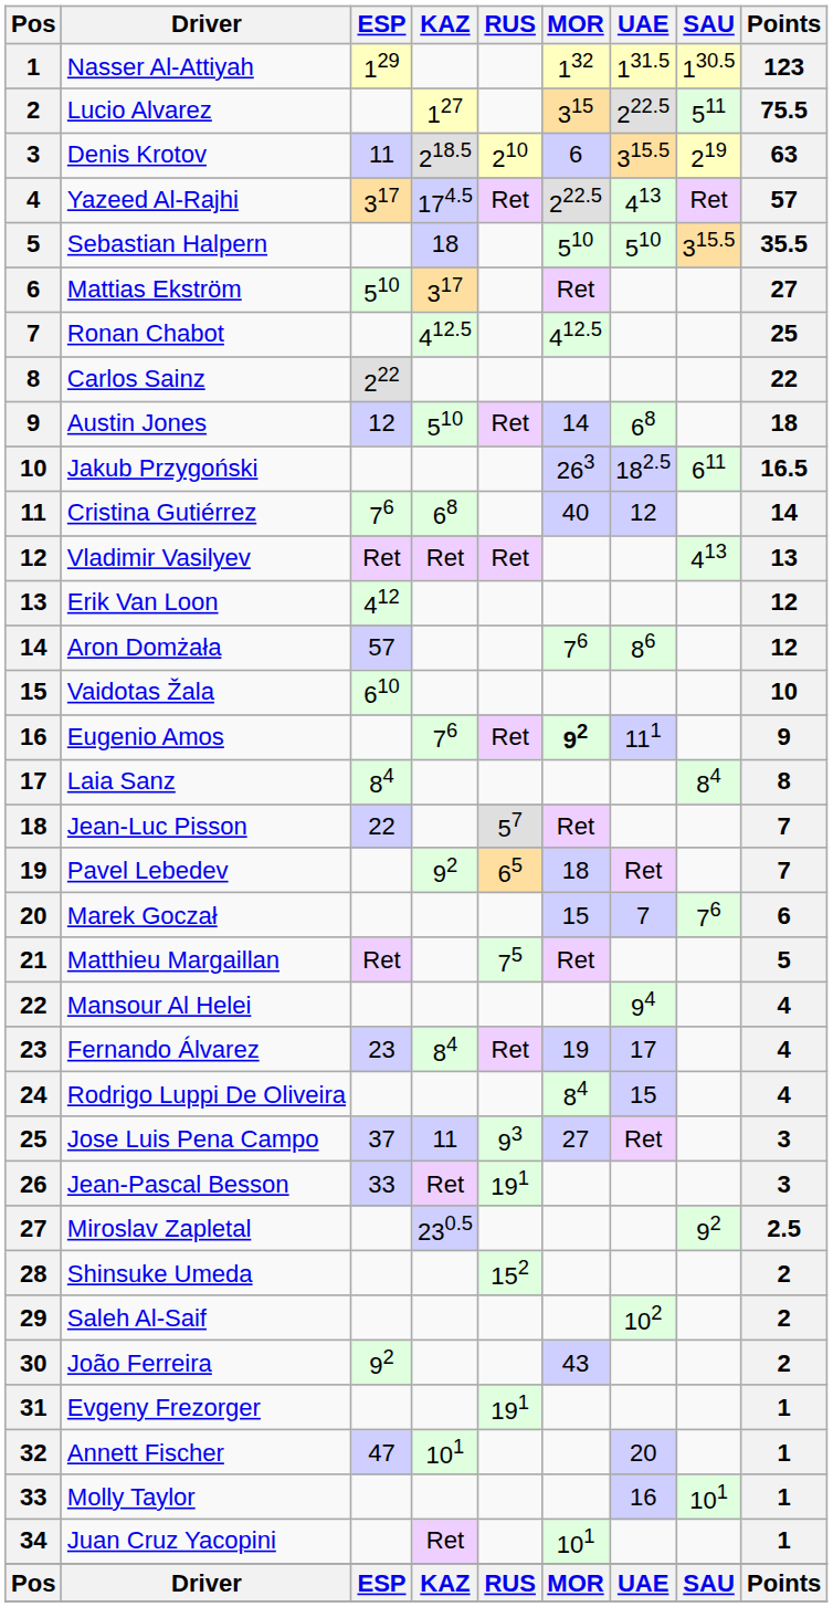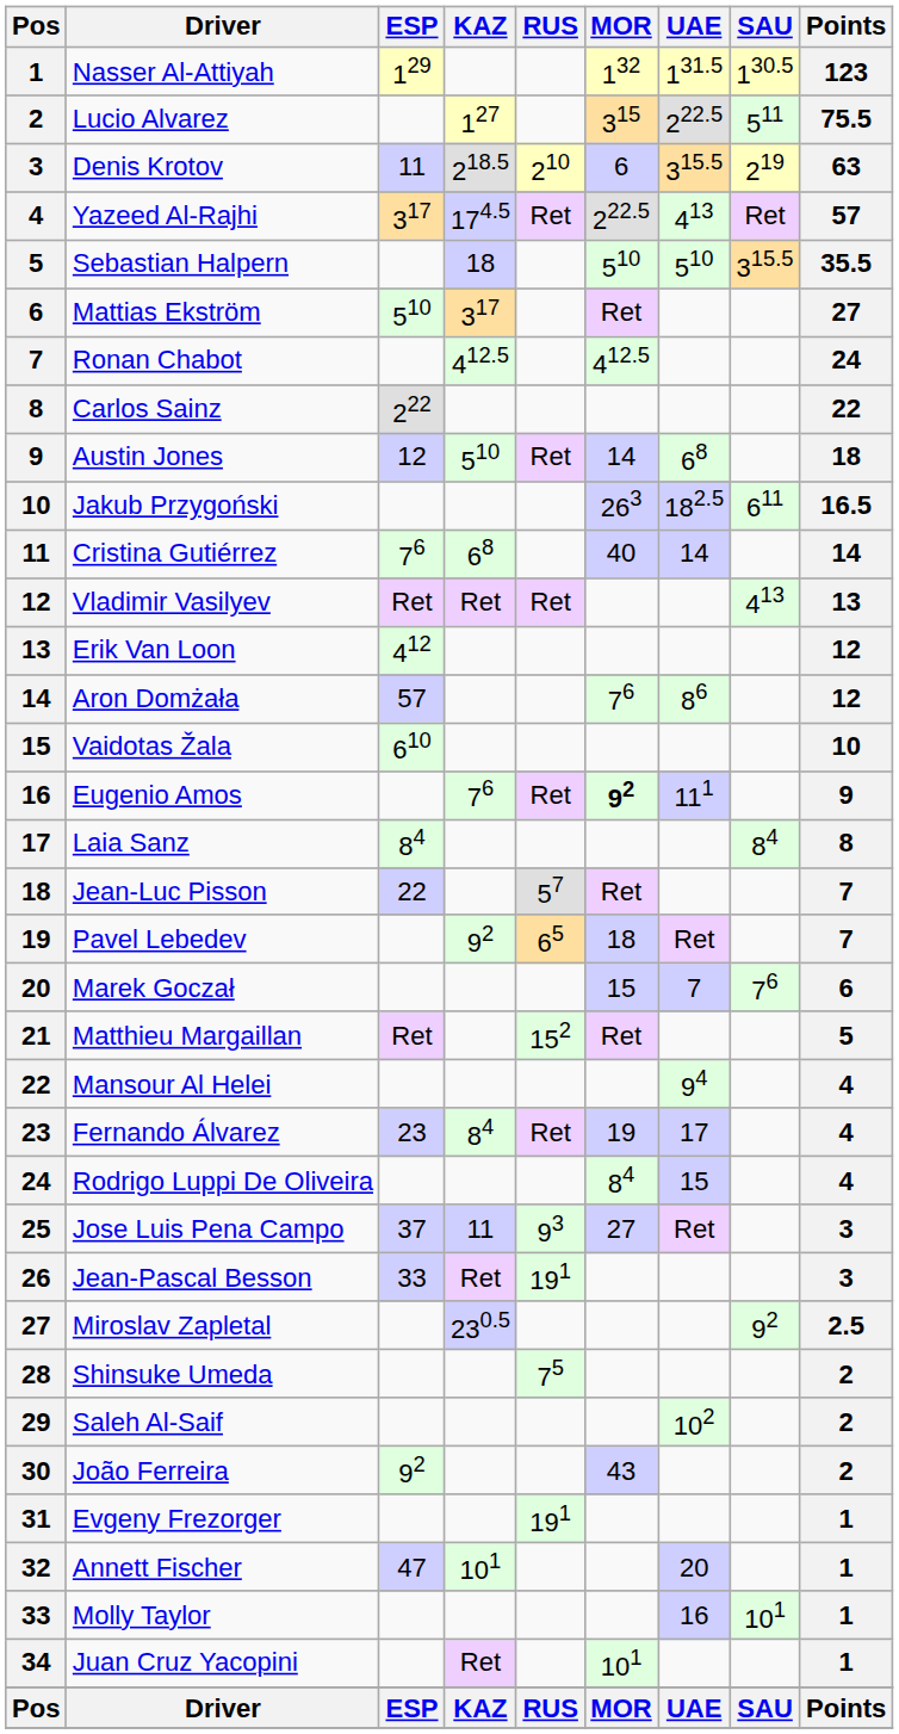 <table class="wikitable" style="font-size: 85%; text-align: center; display: inline-table;">
 <tr valign="top">
 <th valign="middle">Pos</th>
 <th valign="middle">Driver</th>
 <th><a href='#'>ESP</a><br></th>
 <th><a href='#'>KAZ</a><br></th>
 <th><a href='#'>RUS</a><br></th>
 <th><a href='#'>MOR</a><br></th>
 <th><a href='#'>UAE</a><br></th>
 <th><a href='#'>SAU</a><br></th>
 <th valign="middle">Points</th>
 </tr>
 <tr>
 <th>1</th>
 <td align=left> <a href='#'>Nasser Al-Attiyah</a></td>
 <td style="background:#ffffbf;">1<sup>29</sup></td>
 <td></td>
 <td></td>
 <td style="background:#ffffbf;">1<sup>32</sup></td>
 <td style="background:#ffffbf;">1<sup>31.5</sup></td>
 <td style="background:#ffffbf;">1<sup>30.5</sup></td>
 <th>123</th>
 </tr>
 <tr>
 <th>2</th>
 <td align=left> <a href='#'>Lucio Alvarez</a></td>
 <td></td>
 <td style="background:#ffffbf;">1<sup>27</sup></td>
 <td></td>
 <td style="background:#ffdf9f;">3<sup>15</sup></td>
 <td style="background:#dfdfdf;">2<sup>22.5</sup></td>
 <td style="background:#dfffdf;">5<sup>11</sup></td>
 <th>75.5</th>
 </tr>
 <tr>
 <th>3</th>
 <td align=left> <a href='#'>Denis Krotov</a></td>
 <td style="background:#cfcfff;">11</td>
 <td style="background:#dfdfdf;">2<sup>18.5</sup></td>
 <td style="background:#ffffbf;">2<sup>10</sup></td>
 <td style="background:#cfcfff;">6</td>
 <td style="background:#ffdf9f;">3<sup>15.5</sup></td>
 <td style="background:#ffffbf;">2<sup>19</sup></td>
 <th>63</th>
 </tr>
 <tr>
 <th>4</th>
 <td align=left> <a href='#'>Yazeed Al-Rajhi</a></td>
 <td style="background:#ffdf9f;">3<sup>17</sup></td>
 <td style="background:#cfcfff;">17<sup>4.5</sup></td>
 <td style="background:#efcfff;">Ret</td>
 <td style="background:#dfdfdf;">2<sup>22.5</sup></td>
 <td style="background:#dfffdf;">4<sup>13</sup></td>
 <td style="background:#efcfff;">Ret</td>
 <th>57</th>
 </tr>
 <tr>
 <th>5</th>
 <td align=left> <a href='#'>Sebastian Halpern</a></td>
 <td></td>
 <td style="background:#cfcfff;">18</td>
 <td></td>
 <td style="background:#dfffdf;">5<sup>10</sup></td>
 <td style="background:#dfffdf;">5<sup>10</sup></td>
 <td style="background:#ffdf9f;">3<sup>15.5</sup></td>
 <th>35.5</th>
 </tr>
 <tr>
 <th>6</th>
 <td align=left> <a href='#'>Mattias Ekström</a></td>
 <td style="background:#dfffdf;">5<sup>10</sup></td>
 <td style="background:#ffdf9f;">3<sup>17</sup></td>
 <td></td>
 <td style="background:#efcfff;">Ret</td>
 <td></td>
 <td></td>
 <th>27</th>
 </tr>
 <tr>
 <th>7</th>
 <td align=left> <a href='#'>Ronan Chabot</a></td>
 <td></td>
 <td style="background:#dfffdf;">4<sup>12.5</sup></td>
 <td></td>
 <td style="background:#dfffdf;">4<sup>12.5</sup></td>
 <td></td>
 <td></td>
-<th>25</th>
+<th>24</th>
 </tr>
 <tr>
 <th>8</th>
 <td align=left> <a href='#'>Carlos Sainz</a></td>
 <td style="background:#dfdfdf;">2<sup>22</sup></td>
 <td></td>
 <td></td>
 <td></td>
 <td></td>
 <td></td>
 <th>22</th>
 </tr>
 <tr>
 <th>9</th>
 <td align=left> <a href='#'>Austin Jones</a></td>
 <td style="background:#cfcfff;">12</td>
 <td style="background:#dfffdf;">5<sup>10</sup></td>
 <td style="background:#efcfff;">Ret</td>
 <td style="background:#cfcfff;">14</td>
 <td style="background:#dfffdf;">6<sup>8</sup></td>
 <td></td>
 <th>18</th>
 </tr>
 <tr>
 <th>10</th>
 <td align=left> <a href='#'>Jakub Przygoński</a></td>
 <td></td>
 <td></td>
 <td></td>
 <td style="background:#cfcfff;">26<sup>3</sup></td>
 <td style="background:#cfcfff;">18<sup>2.5</sup></td>
 <td style="background:#dfffdf;">6<sup>11</sup></td>
 <th>16.5</th>
 </tr>
 <tr>
 <th>11</th>
 <td align=left> <a href='#'>Cristina Gutiérrez</a></td>
 <td style="background:#dfffdf;">7<sup>6</sup></td>
 <td style="background:#dfffdf;">6<sup>8</sup></td>
 <td></td>
 <td style="background:#cfcfff;">40</td>
-<td style="background:#cfcfff;">12</td>
+<td style="background:#cfcfff;">14</td>
 <td></td>
 <th>14</th>
 </tr>
 <tr>
 <th>12</th>
 <td align=left> <a href='#'>Vladimir Vasilyev</a></td>
 <td style="background:#efcfff;">Ret</td>
 <td style="background:#efcfff;">Ret</td>
 <td style="background:#efcfff;">Ret</td>
 <td></td>
 <td></td>
 <td style="background:#dfffdf;">4<sup>13</sup></td>
 <th>13</th>
 </tr>
 <tr>
 <th>13</th>
 <td align=left> <a href='#'>Erik Van Loon</a></td>
 <td style="background:#dfffdf;">4<sup>12</sup></td>
 <td></td>
 <td></td>
 <td></td>
 <td></td>
 <td></td>
 <th>12</th>
 </tr>
 <tr>
 <th>14</th>
 <td align=left> <a href='#'>Aron Domżała</a></td>
 <td style="background:#cfcfff;">57</td>
 <td></td>
 <td></td>
 <td style="background:#dfffdf;">7<sup>6</sup></td>
 <td style="background:#dfffdf;">8<sup>6</sup></td>
 <td></td>
 <th>12</th>
 </tr>
 <tr>
 <th>15</th>
 <td align=left> <a href='#'>Vaidotas Žala</a></td>
 <td style="background:#dfffdf;">6<sup>10</sup></td>
 <td></td>
 <td></td>
 <td></td>
 <td></td>
 <td></td>
 <th>10</th>
 </tr>
 <tr>
 <th>16</th>
 <td align=left> <a href='#'>Eugenio Amos</a></td>
 <td></td>
 <td style="background:#dfffdf;">7<sup>6</sup></td>
 <td style="background:#efcfff;">Ret</td>
 <td style="background:#dfffdf;"><strong>9<sup>2</sup></strong></td>
 <td style="background:#cfcfff;">11<sup>1</sup></td>
 <td></td>
 <th>9</th>
 </tr>
 <tr>
 <th>17</th>
 <td align=left> <a href='#'>Laia Sanz</a></td>
 <td style="background:#dfffdf;">8<sup>4</sup></td>
 <td></td>
 <td></td>
 <td></td>
 <td></td>
 <td style="background:#dfffdf;">8<sup>4</sup></td>
 <th>8</th>
 </tr>
 <tr>
 <th>18</th>
 <td align=left> <a href='#'>Jean-Luc Pisson</a></td>
 <td style="background:#cfcfff;">22</td>
 <td></td>
 <td style="background:#dfdfdf;">5<sup>7</sup></td>
 <td style="background:#efcfff;">Ret</td>
 <td></td>
 <td></td>
 <th>7</th>
 </tr>
 <tr>
 <th>19</th>
 <td align=left> <a href='#'>Pavel Lebedev</a></td>
 <td></td>
 <td style="background:#dfffdf;">9<sup>2</sup></td>
 <td style="background:#ffdf9f;">6<sup>5</sup></td>
 <td style="background:#cfcfff;">18</td>
 <td style="background:#efcfff;">Ret</td>
 <td></td>
 <th>7</th>
 </tr>
 <tr>
 <th>20</th>
 <td align=left> <a href='#'>Marek Goczał</a></td>
 <td></td>
 <td></td>
 <td></td>
 <td style="background:#cfcfff;">15</td>
 <td style="background:#cfcfff;">7</td>
 <td style="background:#dfffdf;">7<sup>6</sup></td>
 <th>6</th>
 </tr>
 <tr>
 <th>21</th>
 <td align=left> <a href='#'>Matthieu Margaillan</a></td>
 <td style="background:#efcfff;">Ret</td>
 <td></td>
-<td style="background:#dfffdf;">7<sup>5</sup></td>
+<td style="background:#dfffdf;">15<sup>2</sup></td>
 <td style="background:#efcfff;">Ret</td>
 <td></td>
 <td></td>
 <th>5</th>
 </tr>
 <tr>
 <th>22</th>
 <td align=left> <a href='#'>Mansour Al Helei</a></td>
 <td></td>
 <td></td>
 <td></td>
 <td></td>
 <td style="background:#dfffdf;">9<sup>4</sup></td>
 <td></td>
 <th>4</th>
 </tr>
 <tr>
 <th>23</th>
 <td align=left> <a href='#'>Fernando Álvarez</a></td>
 <td style="background:#cfcfff;">23</td>
 <td style="background:#dfffdf;">8<sup>4</sup></td>
 <td style="background:#efcfff;">Ret</td>
 <td style="background:#cfcfff;">19</td>
 <td style="background:#cfcfff;">17</td>
 <td></td>
 <th>4</th>
 </tr>
 <tr>
 <th>24</th>
 <td align=left> <a href='#'>Rodrigo Luppi De Oliveira</a></td>
 <td></td>
 <td></td>
 <td></td>
 <td style="background:#dfffdf;">8<sup>4</sup></td>
 <td style="background:#cfcfff;">15</td>
 <td></td>
 <th>4</th>
 </tr>
 <tr>
 <th>25</th>
 <td align=left> <a href='#'>Jose Luis Pena Campo</a></td>
 <td style="background:#cfcfff;">37</td>
 <td style="background:#cfcfff;">11</td>
 <td style="background:#dfffdf;">9<sup>3</sup></td>
 <td style="background:#cfcfff;">27</td>
 <td style="background:#efcfff;">Ret</td>
 <td></td>
 <th>3</th>
 </tr>
 <tr>
 <th>26</th>
 <td align=left> <a href='#'>Jean-Pascal Besson</a></td>
 <td style="background:#cfcfff;">33</td>
 <td style="background:#efcfff;">Ret</td>
 <td style="background:#dfffdf;">19<sup>1</sup></td>
 <td></td>
 <td></td>
 <td></td>
 <th>3</th>
 </tr>
 <tr>
 <th>27</th>
 <td align=left> <a href='#'>Miroslav Zapletal</a></td>
 <td></td>
 <td style="background:#cfcfff;">23<sup>0.5</sup></td>
 <td></td>
 <td></td>
 <td></td>
 <td style="background:#dfffdf;">9<sup>2</sup></td>
 <th>2.5</th>
 </tr>
 <tr>
 <th>28</th>
 <td align=left> <a href='#'>Shinsuke Umeda</a></td>
 <td></td>
 <td></td>
-<td style="background:#dfffdf;">15<sup>2</sup></td>
+<td style="background:#dfffdf;">7<sup>5</sup></td>
 <td></td>
 <td></td>
 <td></td>
 <th>2</th>
 </tr>
 <tr>
 <th>29</th>
 <td align=left> <a href='#'>Saleh Al-Saif</a></td>
 <td></td>
 <td></td>
 <td></td>
 <td></td>
 <td style="background:#dfffdf;">10<sup>2</sup></td>
 <td></td>
 <th>2</th>
 </tr>
 <tr>
 <th>30</th>
 <td align=left> <a href='#'>João Ferreira</a></td>
 <td style="background:#dfffdf;">9<sup>2</sup></td>
 <td></td>
 <td></td>
 <td style="background:#cfcfff;">43</td>
 <td></td>
 <td></td>
 <th>2</th>
 </tr>
 <tr>
 <th>31</th>
 <td align=left> <a href='#'>Evgeny Frezorger</a></td>
 <td></td>
 <td></td>
 <td style="background:#dfffdf;">19<sup>1</sup></td>
 <td></td>
 <td></td>
 <td></td>
 <th>1</th>
 </tr>
 <tr>
 <th>32</th>
 <td align=left> <a href='#'>Annett Fischer</a></td>
 <td style="background:#cfcfff;">47</td>
 <td style="background:#dfffdf;">10<sup>1</sup></td>
 <td></td>
 <td></td>
 <td style="background:#cfcfff;">20</td>
 <td></td>
 <th>1</th>
 </tr>
 <tr>
 <th>33</th>
 <td align=left> <a href='#'>Molly Taylor</a></td>
 <td></td>
 <td></td>
 <td></td>
 <td></td>
 <td style="background:#cfcfff;">16</td>
 <td style="background:#dfffdf;">10<sup>1</sup></td>
 <th>1</th>
 </tr>
 <tr>
 <th>34</th>
 <td align=left> <a href='#'>Juan Cruz Yacopini</a></td>
 <td></td>
 <td style="background:#efcfff;">Ret</td>
 <td></td>
 <td style="background:#dfffdf;">10<sup>1</sup></td>
 <td></td>
 <td></td>
 <th>1</th>
 </tr>
 <tr>
 </tr>
 <tr valign="top">
 <th valign="middle">Pos</th>
 <th valign="middle">Driver</th>
 <th><a href='#'>ESP</a><br></th>
 <th><a href='#'>KAZ</a><br></th>
 <th><a href='#'>RUS</a><br></th>
 <th><a href='#'>MOR</a><br></th>
 <th><a href='#'>UAE</a><br></th>
 <th><a href='#'>SAU</a><br></th>
 <th valign="middle">Points</th>
 </tr>
 <tr>
 </tr>
 </table>
